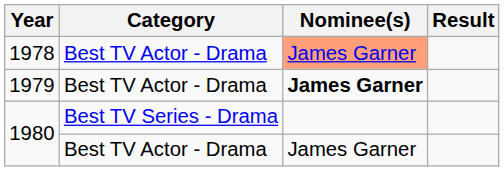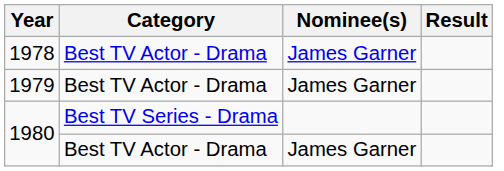 <table class="wikitable">
 <tr>
 <th>Year</th>
 <th>Category</th>
 <th>Nominee(s)</th>
 <th>Result</th>
 </tr>
 <tr>
 <td>1978</td>
 <td><a href='#'>Best TV Actor - Drama</a></td>
-<td style="background: lightsalmon;"><a href='#'>James Garner</a></td>
+<td><a href='#'>James Garner</a></td>
 <td></td>
 </tr>
 <tr>
 <td>1979</td>
 <td>Best TV Actor - Drama</td>
-<td><strong>James Garner</strong></td>
+<td>James Garner</td>
 <td></td>
 </tr>
 <tr>
 <td rowspan=2>1980</td>
 <td><a href='#'>Best TV Series - Drama</a></td>
 <td></td>
 <td></td>
 </tr>
 <tr>
 <td>Best TV Actor - Drama</td>
 <td>James Garner</td>
 <td></td>
 </tr>
 </table>
